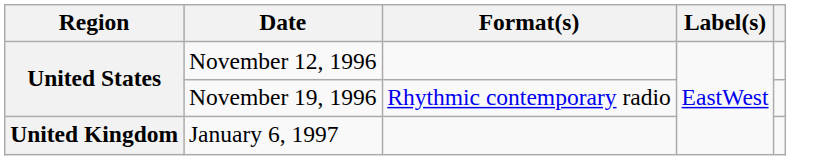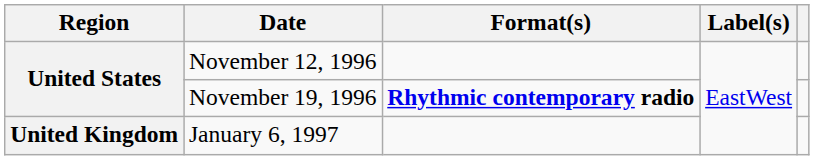 <table class="wikitable plainrowheaders">
 <tr>
 <th scope="col">Region</th>
 <th scope="col">Date</th>
 <th scope="col">Format(s)</th>
 <th scope="col">Label(s)</th>
 <th scope="col"></th>
 </tr>
 <tr>
 <th scope="row" rowspan="2">United States</th>
 <td>November 12, 1996</td>
 <td></td>
 <td rowspan="3"><a href='#'>EastWest</a></td>
 <td align="center"></td>
 </tr>
 <tr>
 <td>November 19, 1996</td>
-<td><a href='#'>Rhythmic contemporary</a> radio</td>
+<td><strong><a href='#'>Rhythmic contemporary</a> radio</strong></td>
 <td align="center"></td>
 </tr>
 <tr>
 <th scope="row">United Kingdom</th>
 <td>January 6, 1997</td>
 <td></td>
 <td align="center"></td>
 </tr>
 </table>
